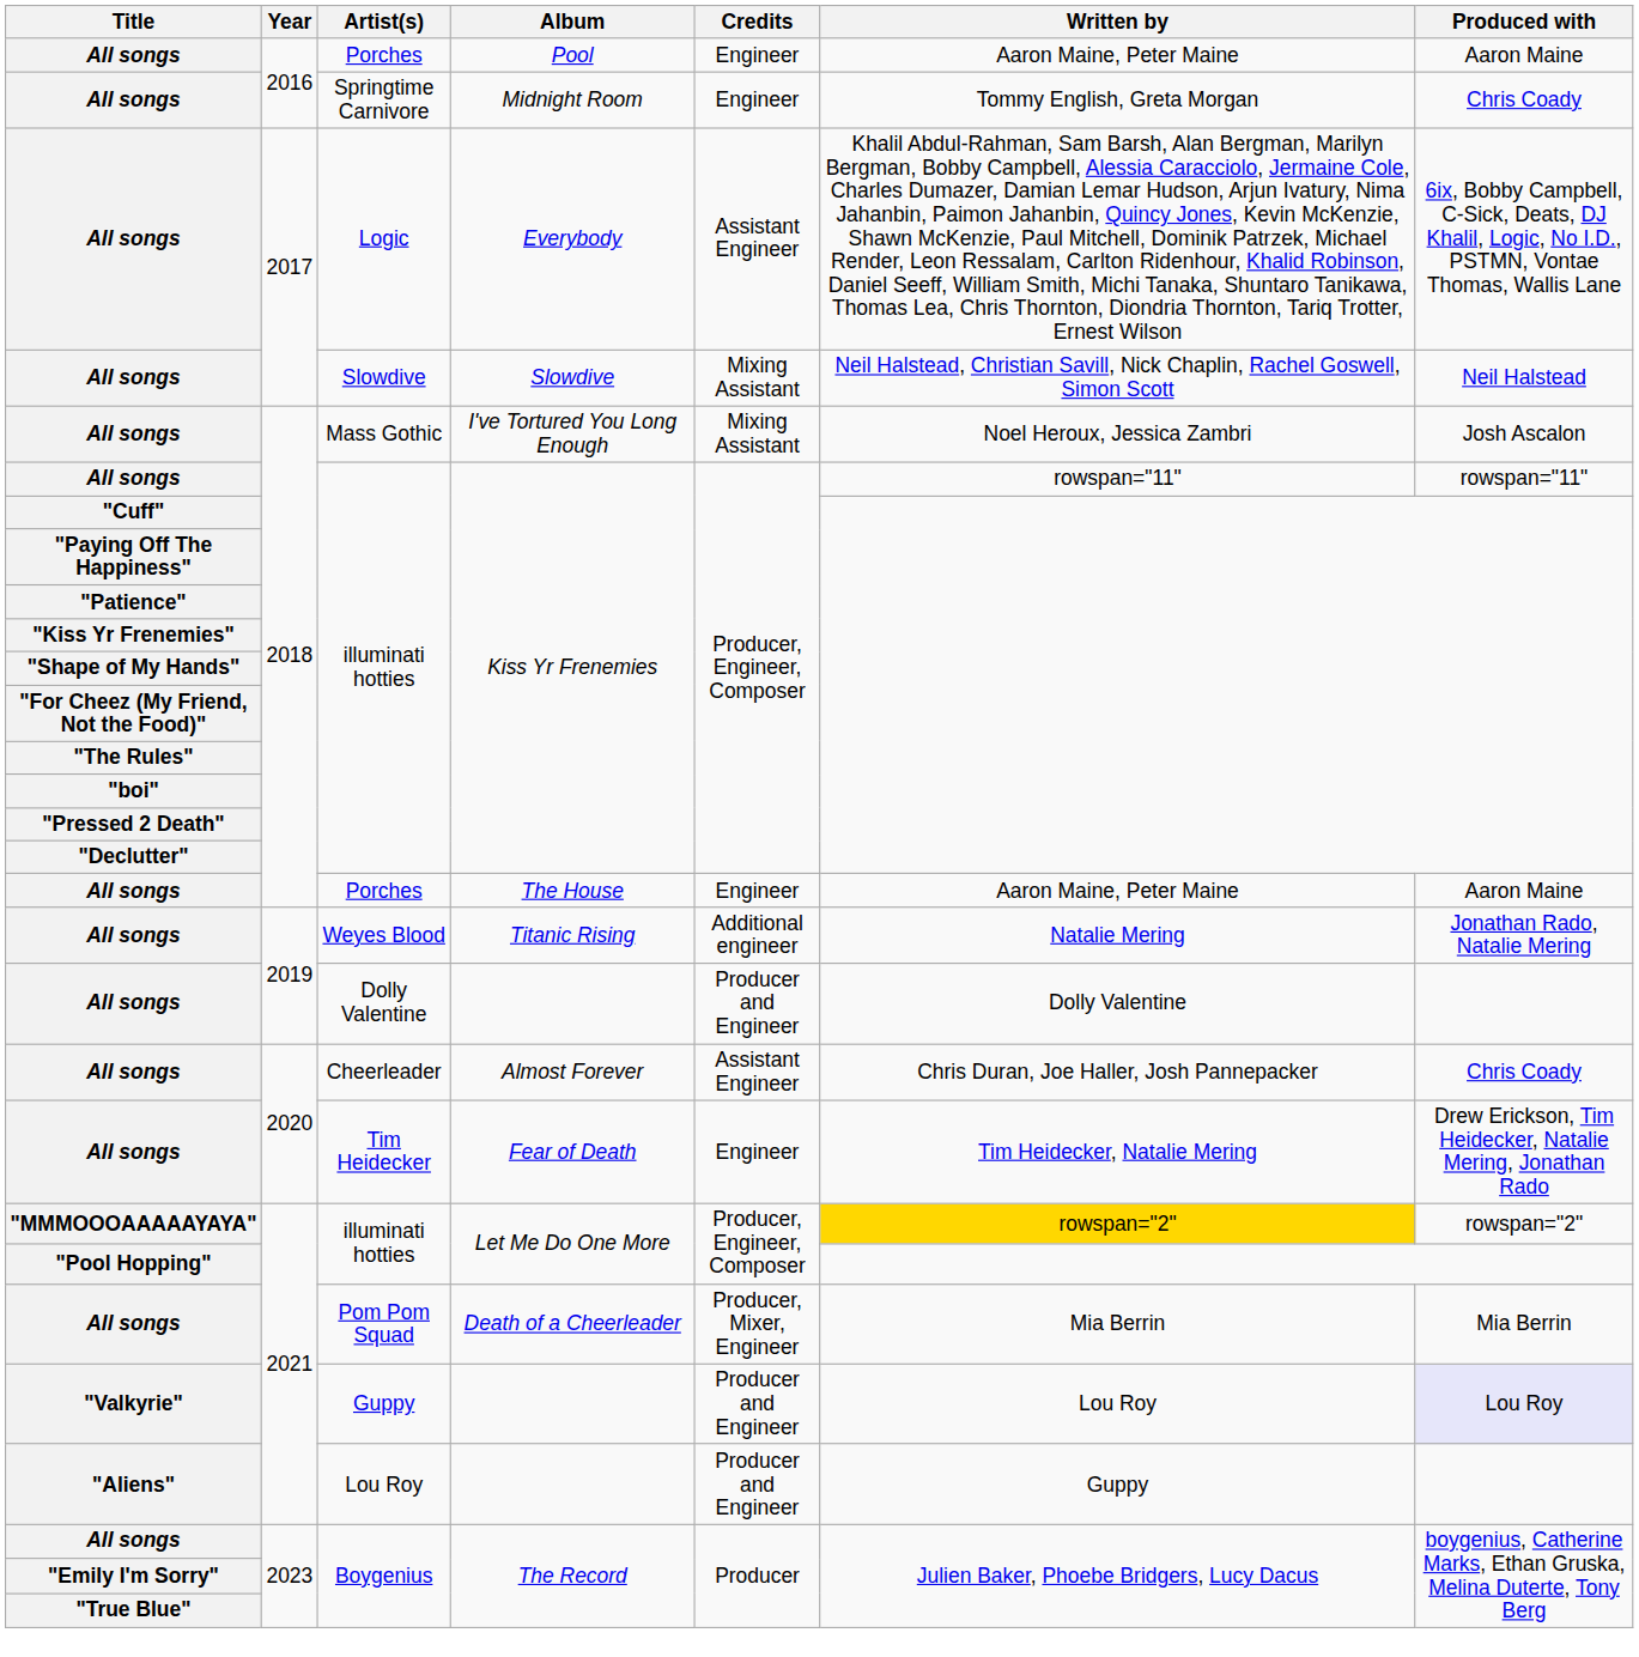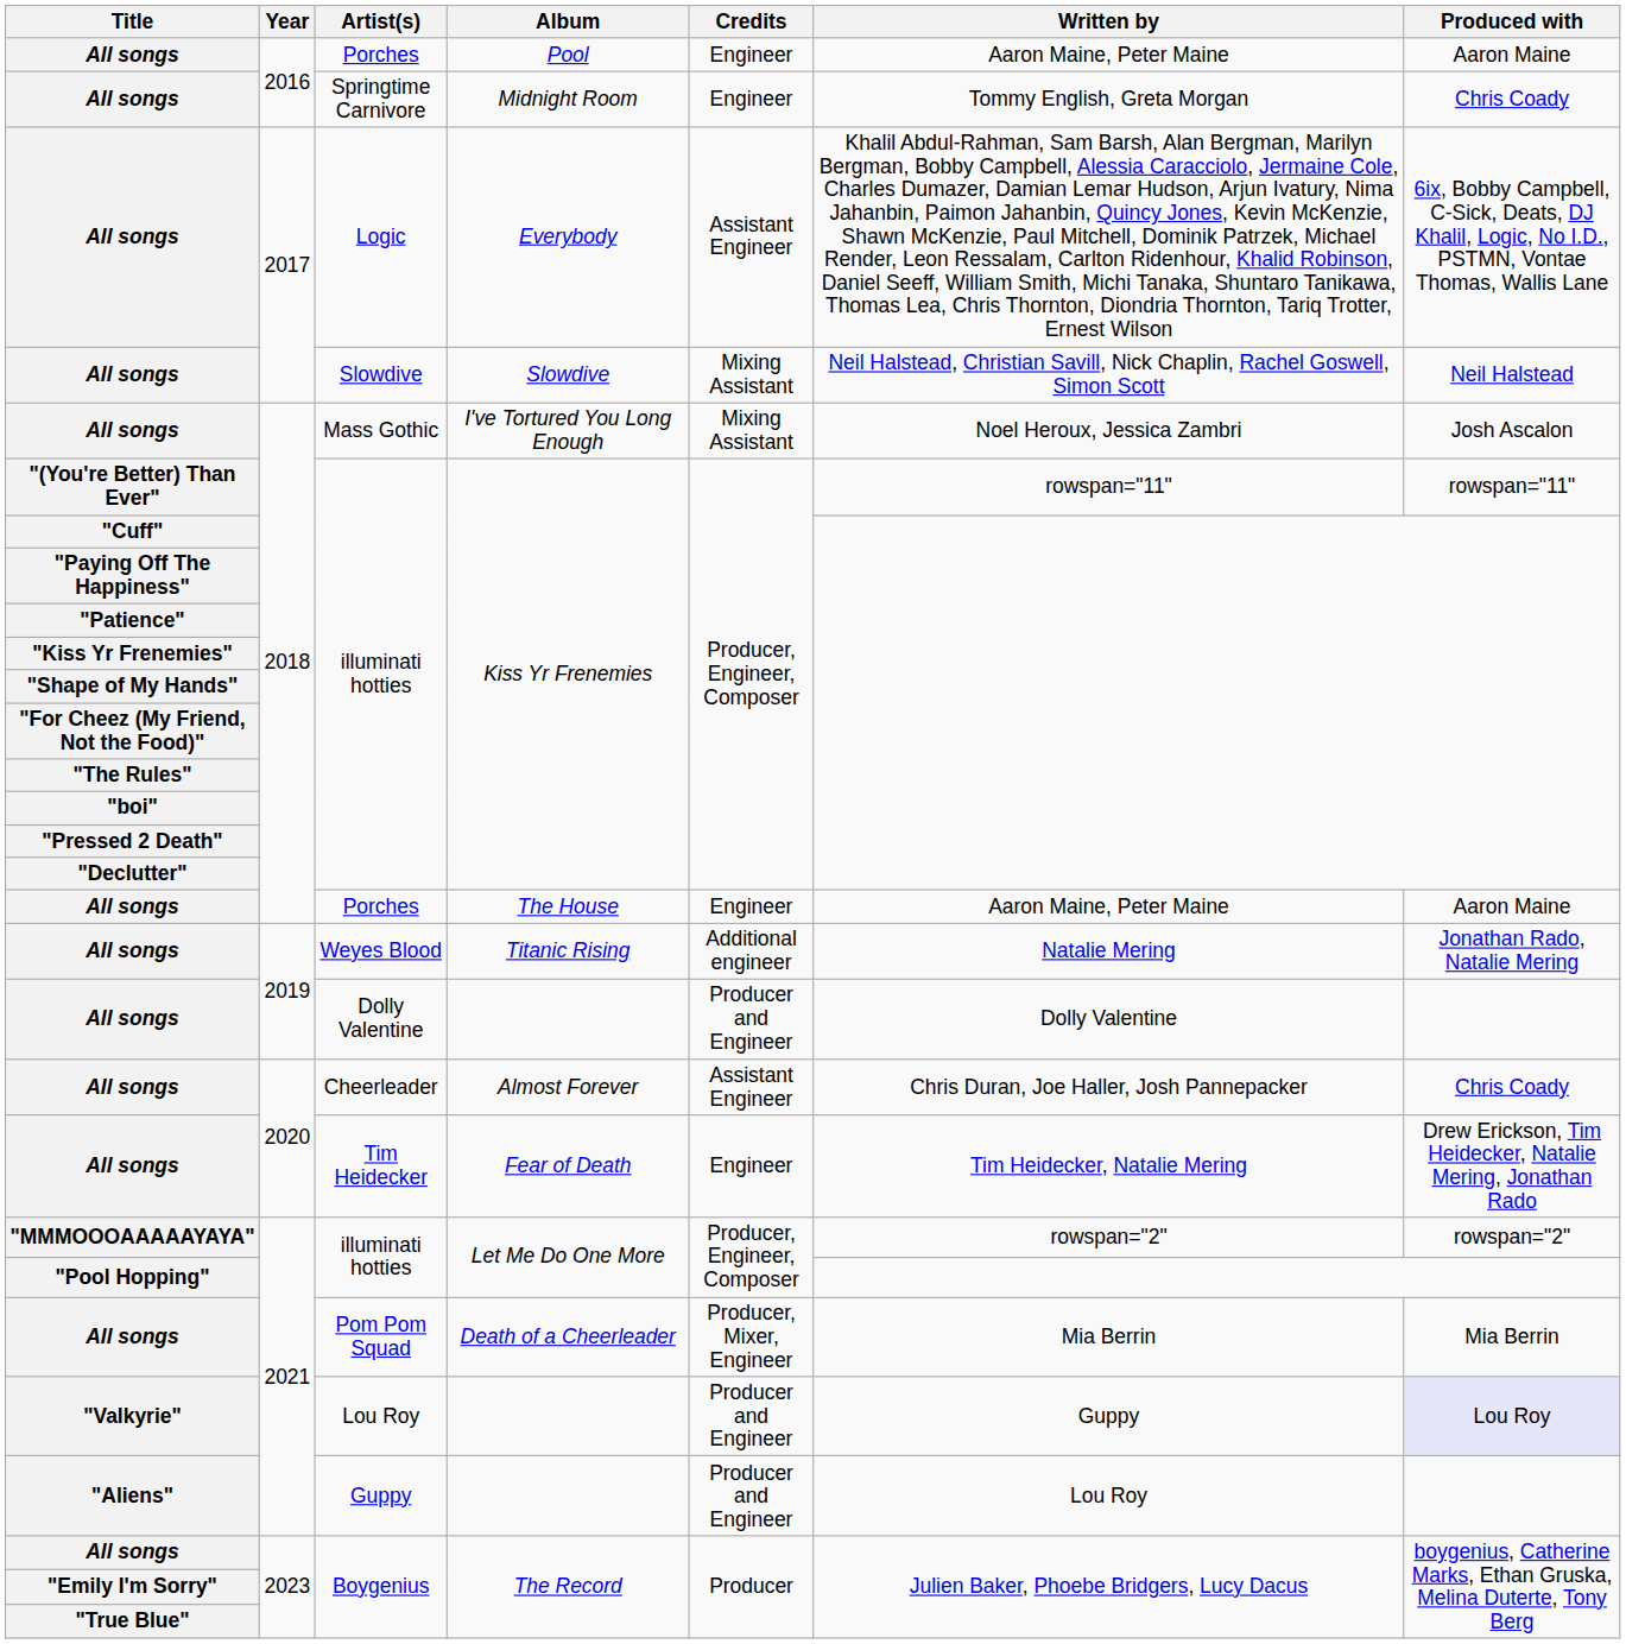 <table class="wikitable plainrowheaders" style="text-align:center;">
 <tr>
 <th scope="col" style="width:160px;">Title</th>
 <th scope="col">Year</th>
 <th scope="col">Artist(s)</th>
 <th scope="col" style="width:180px;">Album</th>
 <th scope="col">Credits</th>
 <th scope="col">Written by</th>
 <th scope="col">Produced with</th>
 </tr>
 <tr>
 <th scope="row"><em>All songs</em></th>
 <td rowspan="2">2016</td>
 <td><a href='#'>Porches</a></td>
 <td><em><a href='#'>Pool</a></em></td>
 <td>Engineer</td>
 <td>Aaron Maine, Peter Maine</td>
 <td>Aaron Maine</td>
 </tr>
 <tr>
 <th scope="row"><em>All songs</em></th>
 <td>Springtime Carnivore</td>
 <td><em>Midnight Room</em></td>
 <td>Engineer</td>
 <td>Tommy English, Greta Morgan</td>
 <td><a href='#'>Chris Coady</a></td>
 </tr>
 <tr>
 <th scope="row"><em>All songs</em></th>
 <td rowspan="2">2017</td>
 <td><a href='#'>Logic</a></td>
 <td><em><a href='#'>Everybody</a></em></td>
 <td>Assistant Engineer</td>
 <td>Khalil Abdul-Rahman, Sam Barsh, Alan Bergman, Marilyn Bergman, Bobby Campbell, <a href='#'>Alessia Caracciolo</a>, <a href='#'>Jermaine Cole</a>, Charles Dumazer, Damian Lemar Hudson, Arjun Ivatury, Nima Jahanbin, Paimon Jahanbin, <a href='#'>Quincy Jones</a>, Kevin McKenzie, Shawn McKenzie, Paul Mitchell, Dominik Patrzek, Michael Render, Leon Ressalam, Carlton Ridenhour, <a href='#'>Khalid Robinson</a>, Daniel Seeff, William Smith, Michi Tanaka, Shuntaro Tanikawa, Thomas Lea, Chris Thornton, Diondria Thornton, Tariq Trotter, Ernest Wilson</td>
 <td><a href='#'>6ix</a>, Bobby Campbell, C-Sick, Deats, <a href='#'>DJ Khalil</a>, <a href='#'>Logic</a>, <a href='#'>No I.D.</a>, PSTMN, Vontae Thomas, Wallis Lane</td>
 </tr>
 <tr>
 <th scope="row"><em>All songs</em></th>
 <td><a href='#'>Slowdive</a></td>
 <td><em><a href='#'>Slowdive</a></em></td>
 <td>Mixing Assistant</td>
 <td><a href='#'>Neil Halstead</a>, <a href='#'>Christian Savill</a>, Nick Chaplin, <a href='#'>Rachel Goswell</a>, <a href='#'>Simon Scott</a></td>
 <td><a href='#'>Neil Halstead</a></td>
 </tr>
 <tr>
 <th scope="row"><em>All songs</em></th>
 <td rowspan="13">2018</td>
 <td>Mass Gothic</td>
 <td><em>I've Tortured You Long Enough</em></td>
 <td>Mixing Assistant</td>
 <td>Noel Heroux, Jessica Zambri</td>
 <td>Josh Ascalon</td>
 </tr>
 <tr>
-<th scope="row"><em>All songs</em></th>
+<th scope="row">"(You're Better) Than Ever"</th>
 <td rowspan="11">illuminati hotties</td>
 <td rowspan="11"><em>Kiss Yr Frenemies</em></td>
 <td rowspan="11">Producer, Engineer, Composer</td>
 <td>rowspan="11" </td>
 <td>rowspan="11" </td>
 </tr>
 <tr>
 <th scope="row">"Cuff"</th>
 </tr>
 <tr>
 <th scope="row">"Paying Off The Happiness"</th>
 </tr>
 <tr>
 <th scope="row">"Patience"</th>
 </tr>
 <tr>
 <th scope="row">"Kiss Yr Frenemies"</th>
 </tr>
 <tr>
 <th scope="row">"Shape of My Hands"</th>
 </tr>
 <tr>
 <th scope="row">"For Cheez (My Friend, Not the Food)"</th>
 </tr>
 <tr>
 <th scope="row">"The Rules"</th>
 </tr>
 <tr>
 <th scope="row">"boi"</th>
 </tr>
 <tr>
 <th scope="row">"Pressed 2 Death"</th>
 </tr>
 <tr>
 <th scope="row">"Declutter"</th>
 </tr>
 <tr>
 <th scope="row"><em>All songs</em></th>
 <td><a href='#'>Porches</a></td>
 <td><em><a href='#'>The House</a></em></td>
 <td>Engineer</td>
 <td>Aaron Maine, Peter Maine</td>
 <td>Aaron Maine</td>
 </tr>
 <tr>
 <th scope="row"><em>All songs</em></th>
 <td rowspan="2">2019</td>
 <td><a href='#'>Weyes Blood</a></td>
 <td><em><a href='#'>Titanic Rising</a></em></td>
 <td>Additional engineer</td>
 <td><a href='#'>Natalie Mering</a></td>
 <td><a href='#'>Jonathan Rado</a>, <a href='#'>Natalie Mering</a></td>
 </tr>
 <tr>
 <th scope="row"><em>All songs</em></th>
 <td>Dolly Valentine</td>
 <td></td>
 <td>Producer and Engineer</td>
 <td>Dolly Valentine</td>
 <td></td>
 </tr>
 <tr>
 <th scope="row"><em>All songs</em></th>
 <td rowspan="2">2020</td>
 <td>Cheerleader</td>
 <td><em>Almost Forever</em></td>
 <td>Assistant Engineer</td>
 <td>Chris Duran, Joe Haller, Josh Pannepacker</td>
 <td><a href='#'>Chris Coady</a></td>
 </tr>
 <tr>
 <th scope="row"><em>All songs</em></th>
 <td><a href='#'>Tim Heidecker</a></td>
 <td><em><a href='#'>Fear of Death</a></em></td>
 <td>Engineer</td>
 <td><a href='#'>Tim Heidecker</a>, <a href='#'>Natalie Mering</a></td>
 <td>Drew Erickson, <a href='#'>Tim Heidecker</a>, <a href='#'>Natalie Mering</a>, <a href='#'>Jonathan Rado</a></td>
 </tr>
 <tr>
 <th scope="row">"MMMOOOAAAAAYAYA"</th>
 <td rowspan="5">2021</td>
 <td rowspan="2">illuminati hotties</td>
 <td rowspan="2"><em>Let Me Do One More</em></td>
 <td rowspan="2">Producer, Engineer, Composer</td>
-<td style="background: gold;">rowspan="2" </td>
+<td>rowspan="2" </td>
 <td>rowspan="2" </td>
 </tr>
 <tr>
 <th scope="row">"Pool Hopping"</th>
 </tr>
 <tr>
 <th scope="row"><em>All songs</em></th>
 <td><a href='#'>Pom Pom Squad</a></td>
 <td><em><a href='#'>Death of a Cheerleader</a></em></td>
 <td>Producer, Mixer, Engineer</td>
 <td>Mia Berrin</td>
 <td>Mia Berrin</td>
 </tr>
 <tr>
 <th scope="row">"Valkyrie"</th>
+<td>Lou Roy</td>
+<td></td>
+<td>Producer and Engineer</td>
+<td>Guppy</td>
+<td style="background: lavender;">Lou Roy</td>
+</tr>
+<tr>
+<th scope="row">"Aliens"</th>
 <td><a href='#'>Guppy</a></td>
 <td></td>
 <td>Producer and Engineer</td>
 <td>Lou Roy</td>
-<td style="background: lavender;">Lou Roy</td>
-</tr>
-<tr>
-<th scope="row">"Aliens"</th>
-<td>Lou Roy</td>
-<td></td>
-<td>Producer and Engineer</td>
-<td>Guppy</td>
 <td></td>
 </tr>
 <tr>
 <th scope="row"><em>All songs</em></th>
 <td rowspan="3">2023</td>
 <td rowspan="3"><a href='#'>Boygenius</a></td>
 <td rowspan="3"><em><a href='#'>The Record</a></em></td>
 <td rowspan="3">Producer</td>
 <td rowspan="3"><a href='#'>Julien Baker</a>, <a href='#'>Phoebe Bridgers</a>, <a href='#'>Lucy Dacus</a></td>
 <td rowspan="3"><a href='#'>boygenius</a>, <a href='#'>Catherine Marks</a>, Ethan Gruska, <a href='#'>Melina Duterte</a>, <a href='#'>Tony Berg</a></td>
 </tr>
 <tr>
 <th scope="row">"Emily I'm Sorry"</th>
 </tr>
 <tr>
 <th scope="row">"True Blue"</th>
 </tr>
 </table>
